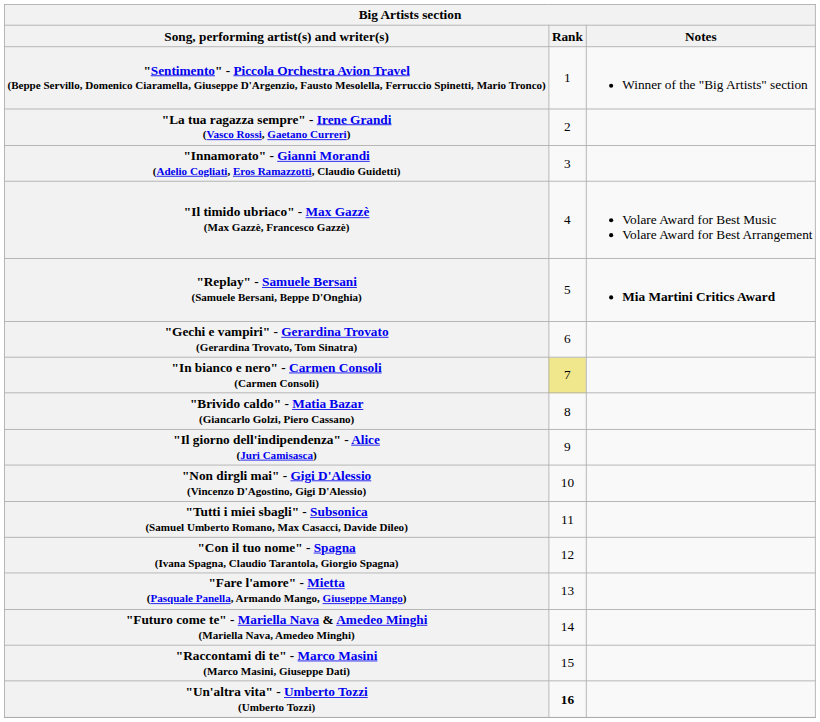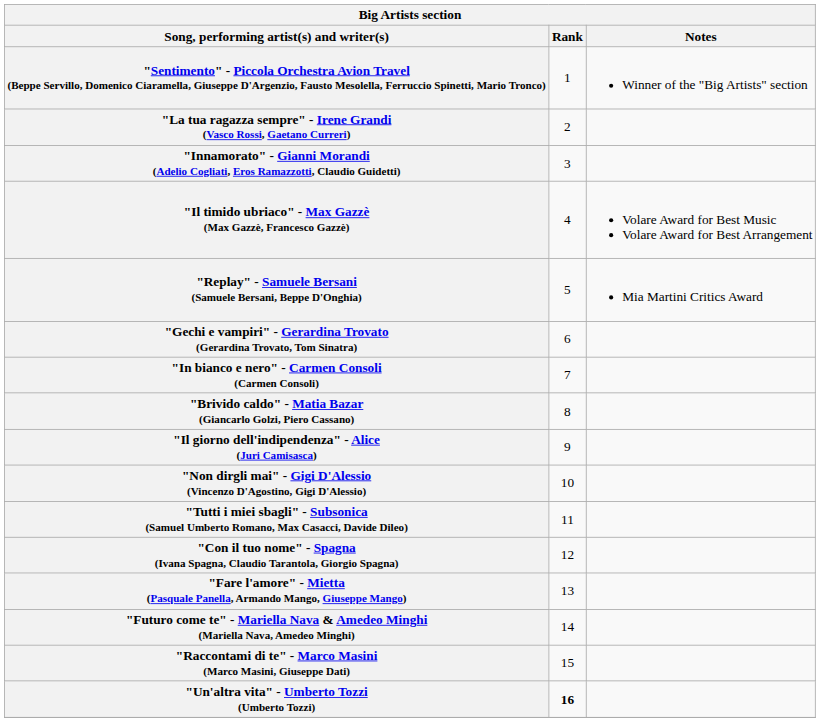 <table class="plainrowheaders wikitable">
 <tr>
 <th colspan="3">Big Artists section</th>
 </tr>
 <tr>
 <th>Song, performing artist(s) and writer(s)</th>
 <th>Rank</th>
 <th>Notes</th>
 </tr>
 <tr>
 <th scope="row">"<a href='#'>Sentimento</a>" - <a href='#'>Piccola Orchestra Avion Travel</a><br><small>(Beppe Servillo, Domenico Ciaramella, Giuseppe D'Argenzio, Fausto Mesolella, Ferruccio Spinetti, Mario Tronco)</small></th>
 <td align="center">1</td>
 <td><br><ul><li>Winner of the "Big Artists" section</li></ul></td>
 </tr>
 <tr>
 <th scope="row">"La tua ragazza sempre" - <a href='#'>Irene Grandi</a><br><small>(<a href='#'>Vasco Rossi</a>, <a href='#'>Gaetano Curreri</a>)</small></th>
 <td align="center">2</td>
 <td></td>
 </tr>
 <tr>
 <th scope="row">"Innamorato" - <a href='#'>Gianni Morandi</a><br><small>(<a href='#'>Adelio Cogliati</a>, <a href='#'>Eros Ramazzotti</a>, Claudio Guidetti)</small></th>
 <td align="center">3</td>
 <td></td>
 </tr>
 <tr>
 <th scope="row">"Il timido ubriaco" - <a href='#'>Max Gazzè</a><br> <small>(Max Gazzè, Francesco Gazzè)</small></th>
 <td align="center">4</td>
 <td><br><ul><li>Volare Award for Best Music</li><li>Volare Award for Best Arrangement</li></ul></td>
 </tr>
 <tr>
 <th scope="row">"Replay" - <a href='#'>Samuele Bersani</a><br> <small>(Samuele Bersani, Beppe D'Onghia)</small></th>
 <td align="center">5</td>
-<td><strong><br><ul><li>Mia Martini Critics Award</li></ul></strong></td>
+<td><br><ul><li>Mia Martini Critics Award</li></ul></td>
 </tr>
 <tr>
 <th scope="row">"Gechi e vampiri" - <a href='#'>Gerardina Trovato</a><br><small>(Gerardina Trovato, Tom Sinatra)</small></th>
 <td align="center">6</td>
 <td></td>
 </tr>
 <tr>
 <th scope="row">"In bianco e nero" - <a href='#'>Carmen Consoli</a><br> <small>(Carmen Consoli)</small></th>
-<td align="center" style="background: khaki;">7</td>
+<td align="center">7</td>
 <td></td>
 </tr>
 <tr>
 <th scope="row">"Brivido caldo" - <a href='#'>Matia Bazar</a><br><small>(Giancarlo Golzi, Piero Cassano)</small></th>
 <td align="center">8</td>
 <td></td>
 </tr>
 <tr>
 <th scope="row">"Il giorno dell'indipendenza" - <a href='#'>Alice</a><br><small>(<a href='#'>Juri Camisasca</a>)</small></th>
 <td align="center">9</td>
 <td></td>
 </tr>
 <tr>
 <th scope="row">"Non dirgli mai" - <a href='#'>Gigi D'Alessio</a><br><small>(Vincenzo D'Agostino, Gigi D'Alessio)</small></th>
 <td align="center">10</td>
 <td></td>
 </tr>
 <tr>
 <th scope="row">"Tutti i miei sbagli" -  <a href='#'>Subsonica</a><br> <small>(Samuel Umberto Romano, Max Casacci, Davide Dileo)</small></th>
 <td align="center">11</td>
 <td></td>
 </tr>
 <tr>
 <th scope="row">"Con il tuo nome" - <a href='#'>Spagna</a><br> <small>(Ivana Spagna, Claudio Tarantola, Giorgio Spagna)</small></th>
 <td align="center">12</td>
 <td></td>
 </tr>
 <tr>
 <th scope="row">"Fare l'amore" - <a href='#'>Mietta</a><br><small>(<a href='#'>Pasquale Panella</a>, Armando Mango, <a href='#'>Giuseppe Mango</a>)</small></th>
 <td align="center">13</td>
 <td></td>
 </tr>
 <tr>
 <th scope="row">"Futuro come te" - <a href='#'>Mariella Nava</a> & <a href='#'>Amedeo Minghi</a><br><small>(Mariella Nava, Amedeo Minghi)</small></th>
 <td align="center">14</td>
 <td></td>
 </tr>
 <tr>
 <th scope="row">"Raccontami di te" - <a href='#'>Marco Masini</a> <br><small>(Marco Masini, Giuseppe Dati)</small></th>
 <td align="center">15</td>
 <td></td>
 </tr>
 <tr>
 <th scope="row">"Un'altra vita" -  <a href='#'>Umberto Tozzi</a><br><small>(Umberto Tozzi)</small></th>
 <td align="center"><strong>16</strong></td>
 <td></td>
 </tr>
 <tr>
 </tr>
 </table>
